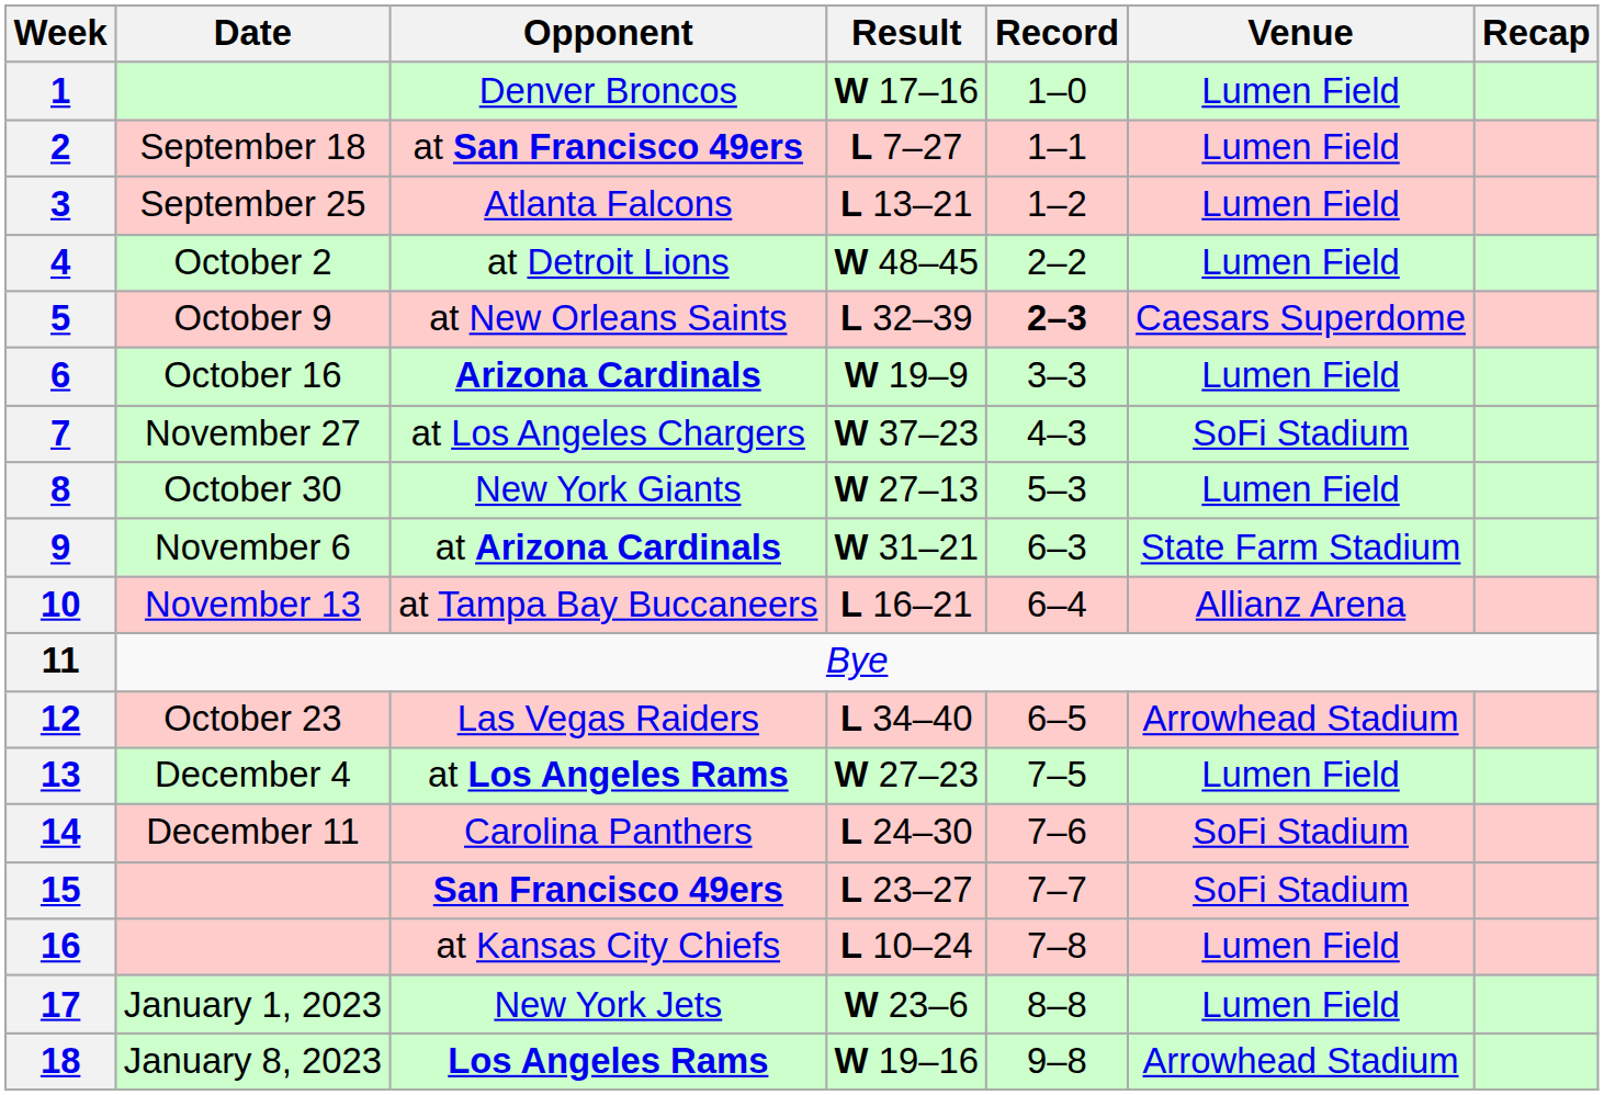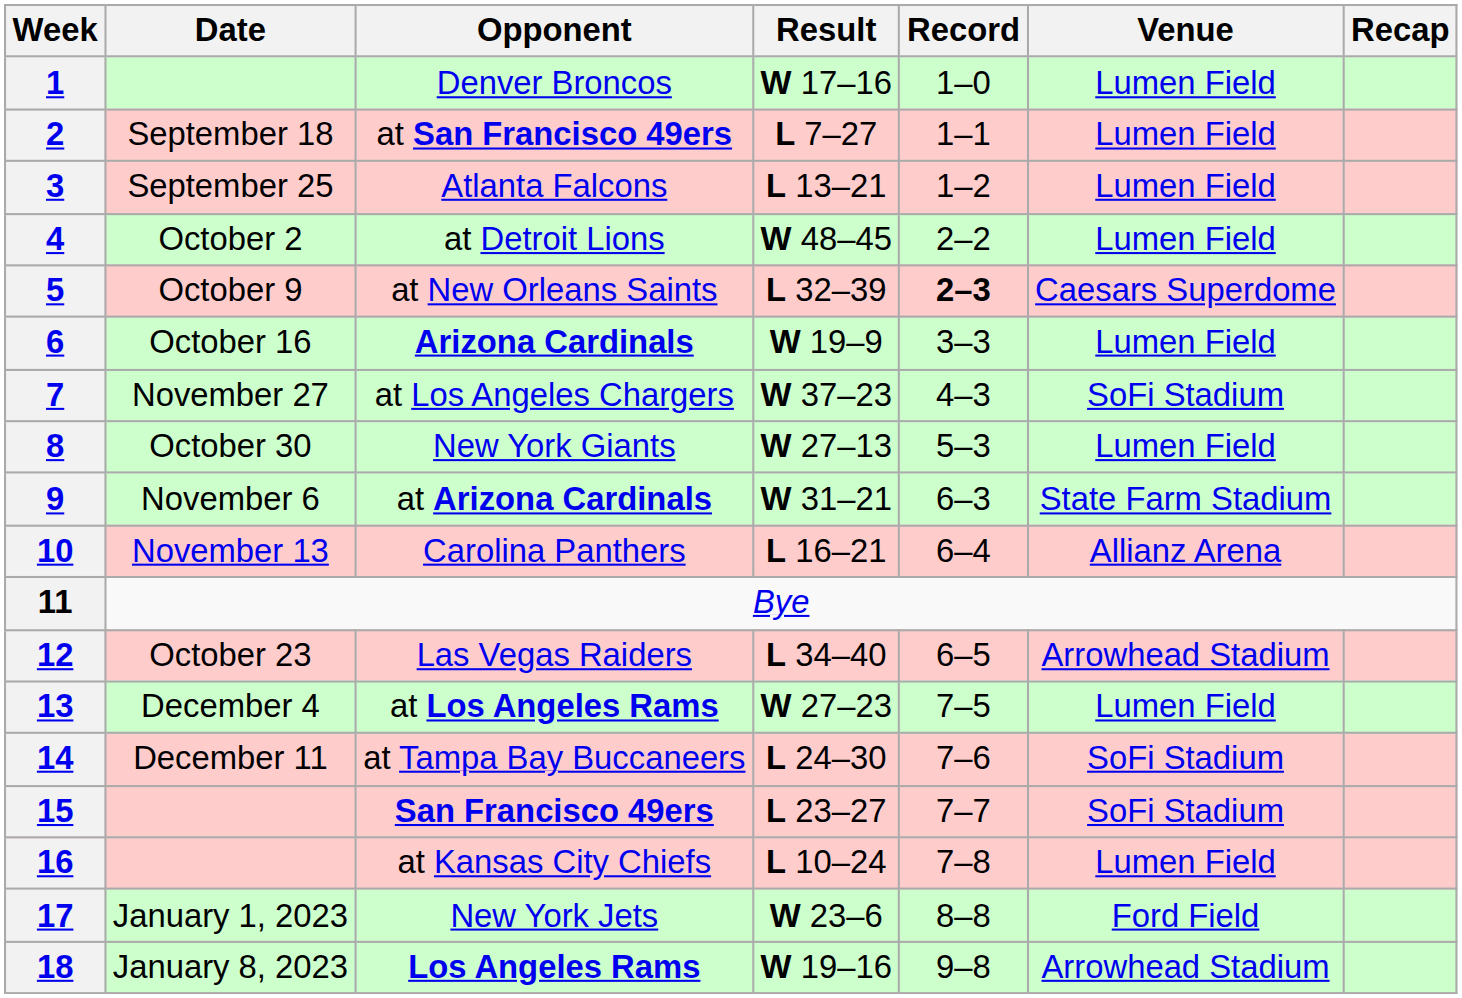 <table class="wikitable" style="text-align:center">
 <tr>
 <th>Week</th>
 <th>Date</th>
 <th>Opponent</th>
 <th>Result</th>
 <th>Record</th>
 <th>Venue</th>
 <th>Recap</th>
 </tr>
 <tr style="background:#cfc">
 <th><a href='#'>1</a></th>
 <td></td>
 <td><a href='#'>Denver Broncos</a></td>
 <td><strong>W</strong> 17–16</td>
 <td>1–0</td>
 <td><a href='#'>Lumen Field</a></td>
 <td></td>
 </tr>
 <tr style="background:#fcc">
 <th><a href='#'>2</a></th>
 <td>September 18</td>
 <td>at <strong><a href='#'>San Francisco 49ers</a></strong></td>
 <td><strong>L</strong> 7–27</td>
 <td>1–1</td>
 <td><a href='#'>Lumen Field</a></td>
 <td></td>
 </tr>
 <tr style="background:#fcc">
 <th><a href='#'>3</a></th>
 <td>September 25</td>
 <td><a href='#'>Atlanta Falcons</a></td>
 <td><strong>L</strong> 13–21</td>
 <td>1–2</td>
 <td><a href='#'>Lumen Field</a></td>
 <td></td>
 </tr>
 <tr style="background:#cfc">
 <th><a href='#'>4</a></th>
 <td>October 2</td>
 <td>at <a href='#'>Detroit Lions</a></td>
 <td><strong>W</strong> 48–45</td>
 <td>2–2</td>
 <td><a href='#'>Lumen Field</a></td>
 <td></td>
 </tr>
 <tr style="background:#fcc">
 <th><a href='#'>5</a></th>
 <td>October 9</td>
 <td>at <a href='#'>New Orleans Saints</a></td>
 <td><strong>L</strong> 32–39</td>
 <td><strong>2–3</strong></td>
 <td><a href='#'>Caesars Superdome</a></td>
 <td></td>
 </tr>
 <tr style="background:#cfc">
 <th><a href='#'>6</a></th>
 <td>October 16</td>
 <td><strong><a href='#'>Arizona Cardinals</a></strong></td>
 <td><strong>W</strong> 19–9</td>
 <td>3–3</td>
 <td><a href='#'>Lumen Field</a></td>
 <td></td>
 </tr>
 <tr style="background:#cfc">
 <th><a href='#'>7</a></th>
 <td>November 27</td>
 <td>at <a href='#'>Los Angeles Chargers</a></td>
 <td><strong>W</strong> 37–23</td>
 <td>4–3</td>
 <td><a href='#'>SoFi Stadium</a></td>
 <td></td>
 </tr>
 <tr style="background:#cfc">
 <th><a href='#'>8</a></th>
 <td>October 30</td>
 <td><a href='#'>New York Giants</a></td>
 <td><strong>W</strong> 27–13</td>
 <td>5–3</td>
 <td><a href='#'>Lumen Field</a></td>
 <td></td>
 </tr>
 <tr style="background:#cfc">
 <th><a href='#'>9</a></th>
 <td>November 6</td>
 <td>at <strong><a href='#'>Arizona Cardinals</a></strong></td>
 <td><strong>W</strong> 31–21</td>
 <td>6–3</td>
 <td><a href='#'>State Farm Stadium</a></td>
 <td></td>
 </tr>
 <tr style="background:#fcc">
 <th><a href='#'>10</a></th>
 <td><a href='#'>November 13</a></td>
-<td>at <a href='#'>Tampa Bay Buccaneers</a></td>
+<td><a href='#'>Carolina Panthers</a></td>
 <td><strong>L</strong> 16–21</td>
 <td>6–4</td>
 <td> <a href='#'>Allianz Arena</a> </td>
 <td></td>
 </tr>
 <tr>
 <th>11</th>
 <td colspan="6"><em><a href='#'>Bye</a></em></td>
 </tr>
 <tr style="background:#fcc">
 <th><a href='#'>12</a></th>
 <td>October 23</td>
 <td><a href='#'>Las Vegas Raiders</a></td>
 <td><strong>L</strong> 34–40 </td>
 <td>6–5</td>
 <td><a href='#'>Arrowhead Stadium</a></td>
 <td></td>
 </tr>
 <tr style="background:#cfc">
 <th><a href='#'>13</a></th>
 <td>December 4</td>
 <td>at <strong><a href='#'>Los Angeles Rams</a></strong></td>
 <td><strong>W</strong> 27–23</td>
 <td>7–5</td>
 <td><a href='#'>Lumen Field</a></td>
 <td></td>
 </tr>
 <tr style="background:#fcc">
 <th><a href='#'>14</a></th>
 <td>December 11</td>
-<td><a href='#'>Carolina Panthers</a></td>
+<td>at <a href='#'>Tampa Bay Buccaneers</a></td>
 <td><strong>L</strong> 24–30</td>
 <td>7–6</td>
 <td><a href='#'>SoFi Stadium</a></td>
 <td></td>
 </tr>
 <tr style="background:#fcc">
 <th><a href='#'>15</a></th>
 <td></td>
 <td><strong><a href='#'>San Francisco 49ers</a></strong></td>
 <td><strong>L</strong> 23–27</td>
 <td>7–7</td>
 <td><a href='#'>SoFi Stadium</a></td>
 <td></td>
 </tr>
 <tr style="background:#fcc">
 <th><a href='#'>16</a></th>
 <td></td>
 <td>at <a href='#'>Kansas City Chiefs</a></td>
 <td><strong>L</strong> 10–24</td>
 <td>7–8</td>
 <td><a href='#'>Lumen Field</a></td>
 <td></td>
 </tr>
 <tr style="background:#cfc">
 <th><a href='#'>17</a></th>
 <td>January 1, 2023</td>
 <td><a href='#'>New York Jets</a></td>
 <td><strong>W</strong> 23–6</td>
 <td>8–8</td>
-<td><a href='#'>Lumen Field</a></td>
+<td><a href='#'>Ford Field</a></td>
 <td></td>
 </tr>
 <tr style="background:#cfc">
 <th><a href='#'>18</a></th>
 <td>January 8, 2023</td>
 <td><strong><a href='#'>Los Angeles Rams</a></strong></td>
 <td><strong>W</strong> 19–16 </td>
 <td>9–8</td>
 <td><a href='#'>Arrowhead Stadium</a></td>
 <td></td>
 </tr>
 </table>
